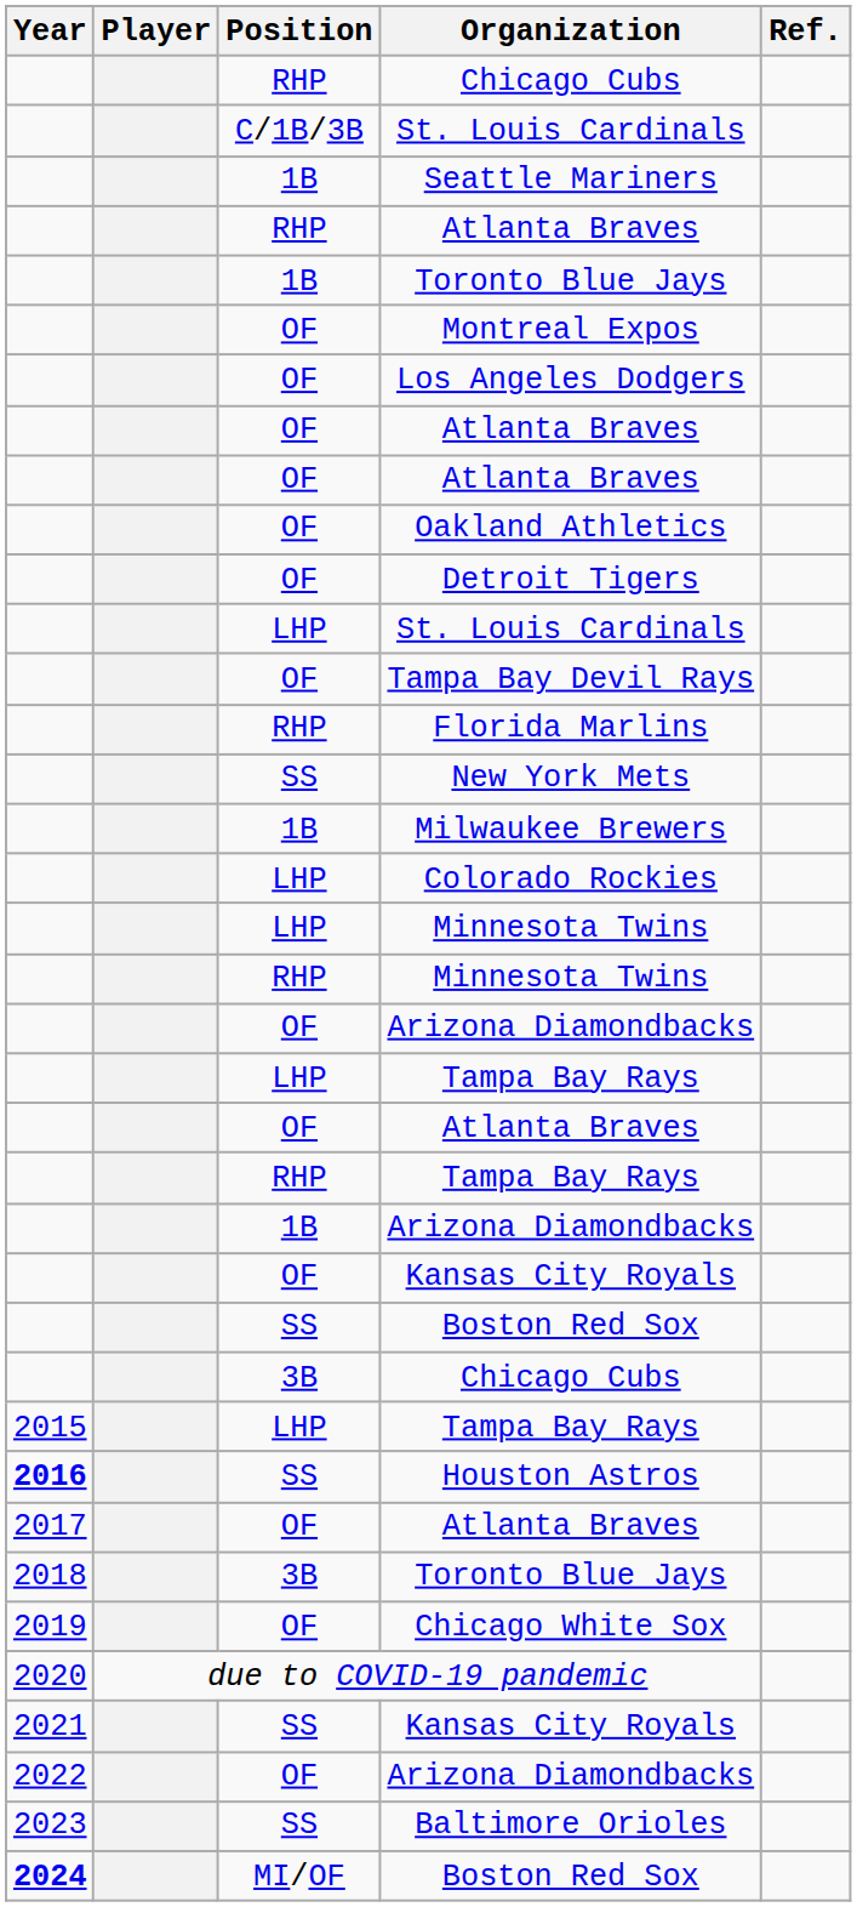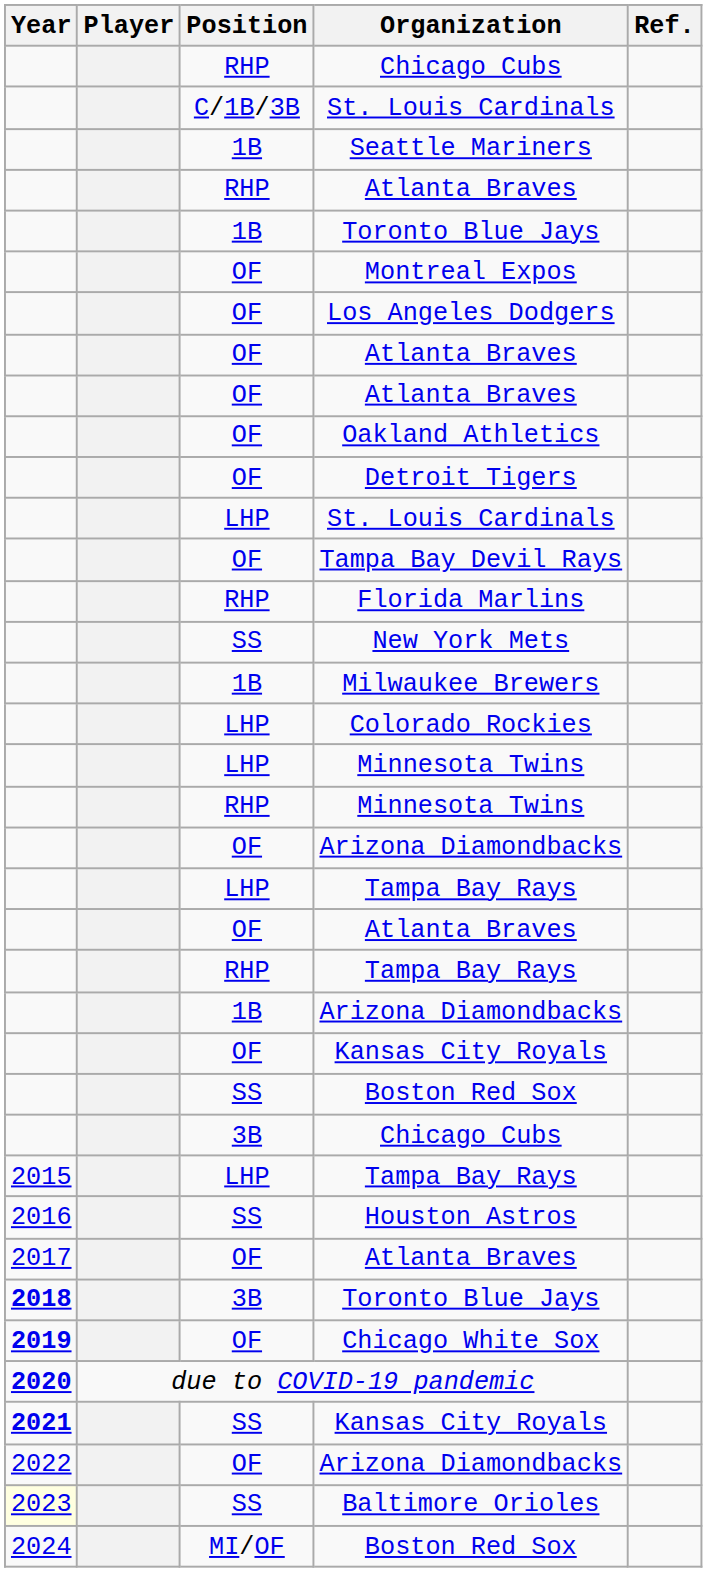 <table class="wikitable sortable plainrowheaders" style="text-align:center;">
 <tr>
 <th scope="col">Year</th>
 <th scope="col">Player</th>
 <th scope="col">Position</th>
 <th scope="col">Organization</th>
 <th scope="col" class=unsortable>Ref.</th>
 </tr>
 <tr>
 <td></td>
 <th scope="row" style="text-align:center"></th>
 <td><a href='#'>RHP</a></td>
 <td><a href='#'>Chicago Cubs</a></td>
 <td></td>
 </tr>
 <tr>
 <td></td>
 <th scope="row" style="text-align:center"></th>
 <td><a href='#'>C</a>/<a href='#'>1B</a>/<a href='#'>3B</a></td>
 <td><a href='#'>St. Louis Cardinals</a></td>
 <td></td>
 </tr>
 <tr>
 <td></td>
 <th scope="row" style="text-align:center"></th>
 <td><a href='#'>1B</a></td>
 <td><a href='#'>Seattle Mariners</a></td>
 <td></td>
 </tr>
 <tr>
 <td></td>
 <th scope="row" style="text-align:center"></th>
 <td><a href='#'>RHP</a></td>
 <td><a href='#'>Atlanta Braves</a></td>
 <td></td>
 </tr>
 <tr>
 <td></td>
 <th scope="row" style="text-align:center"></th>
 <td><a href='#'>1B</a></td>
 <td><a href='#'>Toronto Blue Jays</a></td>
 <td></td>
 </tr>
 <tr>
 <td></td>
 <th scope="row" style="text-align:center"></th>
 <td><a href='#'>OF</a></td>
 <td><a href='#'>Montreal Expos</a></td>
 <td></td>
 </tr>
 <tr>
 <td></td>
 <th scope="row" style="text-align:center"></th>
 <td><a href='#'>OF</a></td>
 <td><a href='#'>Los Angeles Dodgers</a></td>
 <td></td>
 </tr>
 <tr>
 <td></td>
 <th scope="row" style="text-align:center"> </th>
 <td><a href='#'>OF</a></td>
 <td><a href='#'>Atlanta Braves</a></td>
 <td></td>
 </tr>
 <tr>
 <td></td>
 <th scope="row" style="text-align:center"> </th>
 <td><a href='#'>OF</a></td>
 <td><a href='#'>Atlanta Braves</a></td>
 <td></td>
 </tr>
 <tr>
 <td></td>
 <th scope="row" style="text-align:center"></th>
 <td><a href='#'>OF</a></td>
 <td><a href='#'>Oakland Athletics</a></td>
 <td></td>
 </tr>
 <tr>
 <td></td>
 <th scope="row" style="text-align:center"></th>
 <td><a href='#'>OF</a></td>
 <td><a href='#'>Detroit Tigers</a></td>
 <td></td>
 </tr>
 <tr>
 <td></td>
 <th scope="row" style="text-align:center"></th>
 <td><a href='#'>LHP</a></td>
 <td><a href='#'>St. Louis Cardinals</a></td>
 <td></td>
 </tr>
 <tr>
 <td></td>
 <th scope="row" style="text-align:center"></th>
 <td><a href='#'>OF</a></td>
 <td><a href='#'>Tampa Bay Devil Rays</a></td>
 <td></td>
 </tr>
 <tr>
 <td></td>
 <th scope="row" style="text-align:center"></th>
 <td><a href='#'>RHP</a></td>
 <td><a href='#'>Florida Marlins</a></td>
 <td></td>
 </tr>
 <tr>
 <td></td>
 <th scope="row" style="text-align:center"></th>
 <td><a href='#'>SS</a></td>
 <td><a href='#'>New York Mets</a></td>
 <td></td>
 </tr>
 <tr>
 <td></td>
 <th scope="row" style="text-align:center"></th>
 <td><a href='#'>1B</a></td>
 <td><a href='#'>Milwaukee Brewers</a></td>
 <td></td>
 </tr>
 <tr>
 <td></td>
 <th scope="row" style="text-align:center"></th>
 <td><a href='#'>LHP</a></td>
 <td><a href='#'>Colorado Rockies</a></td>
 <td></td>
 </tr>
 <tr>
 <td></td>
 <th scope="row" style="text-align:center"></th>
 <td><a href='#'>LHP</a></td>
 <td><a href='#'>Minnesota Twins</a></td>
 <td></td>
 </tr>
 <tr>
 <td></td>
 <th scope="row" style="text-align:center"></th>
 <td><a href='#'>RHP</a></td>
 <td><a href='#'>Minnesota Twins</a></td>
 <td></td>
 </tr>
 <tr>
 <td></td>
 <th scope="row" style="text-align:center"></th>
 <td><a href='#'>OF</a></td>
 <td><a href='#'>Arizona Diamondbacks</a></td>
 <td></td>
 </tr>
 <tr>
 <td></td>
 <th scope="row" style="text-align:center"></th>
 <td><a href='#'>LHP</a></td>
 <td><a href='#'>Tampa Bay Rays</a></td>
 <td></td>
 </tr>
 <tr>
 <td></td>
 <th scope="row" style="text-align:center"></th>
 <td><a href='#'>OF</a></td>
 <td><a href='#'>Atlanta Braves</a></td>
 <td></td>
 </tr>
 <tr>
 <td></td>
 <th scope="row" style="text-align:center"></th>
 <td><a href='#'>RHP</a></td>
 <td><a href='#'>Tampa Bay Rays</a></td>
 <td></td>
 </tr>
 <tr>
 <td></td>
 <th scope="row" style="text-align:center"></th>
 <td><a href='#'>1B</a></td>
 <td><a href='#'>Arizona Diamondbacks</a></td>
 <td></td>
 </tr>
 <tr>
 <td></td>
 <th scope="row" style="text-align:center"></th>
 <td><a href='#'>OF</a></td>
 <td><a href='#'>Kansas City Royals</a></td>
 <td></td>
 </tr>
 <tr>
 <td></td>
 <th scope="row" style="text-align:center"></th>
 <td><a href='#'>SS</a></td>
 <td><a href='#'>Boston Red Sox</a></td>
 <td></td>
 </tr>
 <tr>
 <td></td>
 <th scope="row" style="text-align:center"></th>
 <td><a href='#'>3B</a></td>
 <td><a href='#'>Chicago Cubs</a></td>
 <td></td>
 </tr>
 <tr>
 <td><a href='#'>2015</a></td>
 <th scope="row" style="text-align:center"></th>
 <td><a href='#'>LHP</a></td>
 <td><a href='#'>Tampa Bay Rays</a></td>
 <td></td>
 </tr>
 <tr>
-<td><strong><a href='#'>2016</a></strong></td>
+<td><a href='#'>2016</a></td>
 <th scope="row" style="text-align:center"></th>
 <td><a href='#'>SS</a></td>
 <td><a href='#'>Houston Astros</a></td>
 <td></td>
 </tr>
 <tr>
 <td><a href='#'>2017</a></td>
 <th scope="row" style="text-align:center"></th>
 <td><a href='#'>OF</a></td>
 <td><a href='#'>Atlanta Braves</a></td>
 <td></td>
 </tr>
 <tr>
-<td><a href='#'>2018</a></td>
+<td><strong><a href='#'>2018</a></strong></td>
 <th scope="row" style="text-align:center"></th>
 <td><a href='#'>3B</a></td>
 <td><a href='#'>Toronto Blue Jays</a></td>
 <td></td>
 </tr>
 <tr>
-<td><a href='#'>2019</a></td>
+<td><strong><a href='#'>2019</a></strong></td>
 <th scope="row" style="text-align:center"></th>
 <td><a href='#'>OF</a></td>
 <td><a href='#'>Chicago White Sox</a></td>
 <td></td>
 </tr>
 <tr>
-<td><a href='#'>2020</a></td>
+<td><strong><a href='#'>2020</a></strong></td>
 <td colspan="3"> <em>due to <a href='#'>COVID-19 pandemic</a></em></td>
 <td></td>
 </tr>
 <tr>
-<td><a href='#'>2021</a></td>
+<td><strong><a href='#'>2021</a></strong></td>
 <th scope="row" style="text-align:center"></th>
 <td><a href='#'>SS</a></td>
 <td><a href='#'>Kansas City Royals</a></td>
 <td></td>
 </tr>
 <tr>
 <td><a href='#'>2022</a></td>
 <th scope="row" style="text-align:center"></th>
 <td><a href='#'>OF</a></td>
 <td><a href='#'>Arizona Diamondbacks</a></td>
 <td></td>
 </tr>
 <tr>
-<td><a href='#'>2023</a></td>
+<td style="background: lightyellow;"><a href='#'>2023</a></td>
 <th scope="row" style="text-align:center"><br></th>
 <td><a href='#'>SS</a></td>
 <td><a href='#'>Baltimore Orioles</a></td>
 <td></td>
 </tr>
 <tr>
-<td><strong><a href='#'>2024</a></strong></td>
+<td><a href='#'>2024</a></td>
 <th scope="row" style="text-align:center"></th>
 <td><a href='#'>MI</a>/<a href='#'>OF</a></td>
 <td><a href='#'>Boston Red Sox</a></td>
 <td></td>
 </tr>
 </table>
